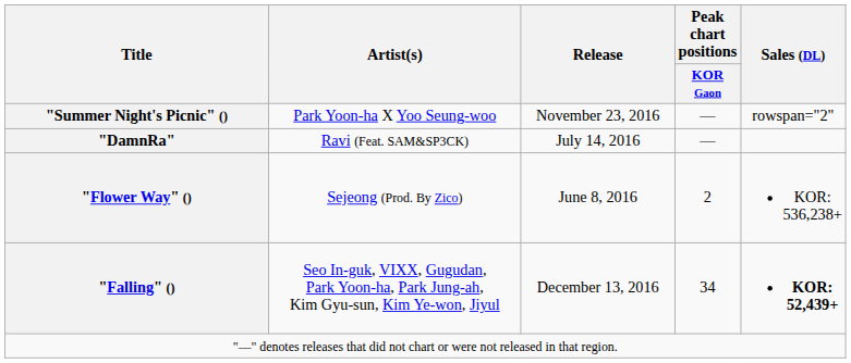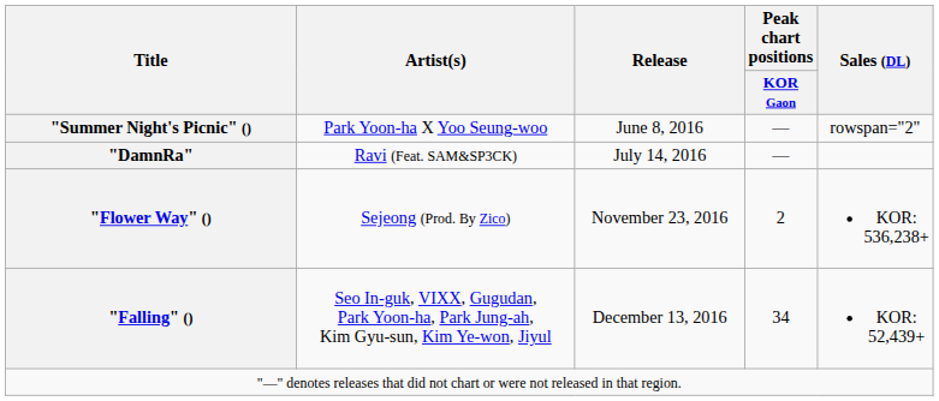 <table class="wikitable plainrowheaders" style="text-align:center;">
 <tr>
 <th scope="col" rowspan=2 style="width:20em;">Title</th>
 <th scope="col" rowspan=2 style="width:19em;">Artist(s)</th>
 <th scope="col" rowspan=2 style="width:11em;">Release</th>
 <th colspan="1" scope="col">Peak chart positions</th>
 <th scope="col" rowspan=2>Sales <small>(<a href='#'>DL</a>)</small></th>
 </tr>
 <tr>
 <th scope="col" style="width:3em;font-size:90%;"><a href='#'>KOR<br><small>Gaon</small></a><br></th>
 </tr>
 <tr>
 <th scope=row>"Summer Night's Picnic" <small>()</small></th>
 <td><a href='#'>Park Yoon-ha</a> X <a href='#'>Yoo Seung-woo</a></td>
-<td align=center>November 23, 2016</td>
+<td align=center>June 8, 2016</td>
 <td>—</td>
 <td>rowspan="2" </td>
 </tr>
 <tr>
 <th scope=row>"DamnRa"</th>
 <td><a href='#'>Ravi</a> <small>(Feat. SAM&SP3CK)</small></td>
 <td align=center>July 14, 2016</td>
 <td>—</td>
 </tr>
 <tr>
 <th scope=row>"<a href='#'>Flower Way</a>" <small>()</small></th>
 <td><a href='#'>Sejeong</a> <small>(Prod. By <a href='#'>Zico</a>)</small></td>
-<td align=center>June 8, 2016</td>
+<td align=center>November 23, 2016</td>
 <td>2</td>
 <td><br><ul><li>KOR: 536,238+</li></ul></td>
 </tr>
 <tr>
 <th scope=row>"<a href='#'>Falling</a>" <small>()</small></th>
 <td><a href='#'>Seo In-guk</a>, <a href='#'>VIXX</a>, <a href='#'>Gugudan</a>,<br><a href='#'>Park Yoon-ha</a>,  <a href='#'>Park Jung-ah</a>,<br>  Kim Gyu-sun, <a href='#'>Kim Ye-won</a>, <a href='#'>Jiyul</a></td>
 <td align=center>December 13, 2016</td>
 <td>34</td>
-<td><strong><br><ul><li>KOR: 52,439+</li></ul></strong></td>
+<td><br><ul><li>KOR: 52,439+</li></ul></td>
 </tr>
 <tr>
 <td colspan="7" align="center"><small>"—" denotes releases that did not chart or were not released in that region.</small></td>
 </tr>
 </table>
